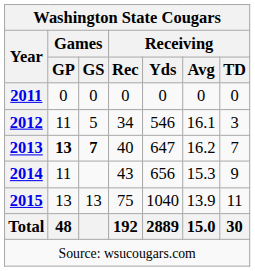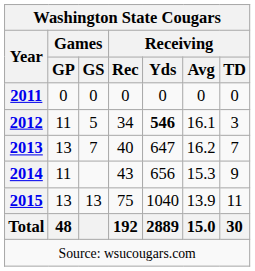 <table class="wikitable" style="text-align: center;">
 <tr>
 <th colspan="8"><strong>Washington State Cougars</strong></th>
 </tr>
 <tr>
 <th rowspan="2">Year</th>
 <th colspan="2">Games</th>
 <th colspan="5">Receiving</th>
 </tr>
 <tr>
 <th>GP</th>
 <th>GS</th>
 <th>Rec</th>
 <th>Yds</th>
 <th>Avg</th>
 <th>TD</th>
 </tr>
 <tr>
 <th><a href='#'>2011</a></th>
 <td>0</td>
 <td>0</td>
 <td>0</td>
 <td>0</td>
 <td>0</td>
 <td>0</td>
 </tr>
 <tr>
 <th><a href='#'>2012</a></th>
 <td>11</td>
 <td>5</td>
 <td>34</td>
-<td>546</td>
+<td><strong>546</strong></td>
 <td>16.1</td>
 <td>3</td>
 </tr>
 <tr>
 <th><a href='#'>2013</a></th>
-<td><strong>13</strong></td>
-<td><strong>7</strong></td>
+<td>13</td>
+<td>7</td>
 <td>40</td>
 <td>647</td>
 <td>16.2</td>
 <td>7</td>
 </tr>
 <tr>
 <th><a href='#'>2014</a></th>
 <td>11</td>
 <td></td>
 <td>43</td>
 <td>656</td>
 <td>15.3</td>
 <td>9</td>
 </tr>
 <tr>
 <th><a href='#'>2015</a></th>
 <td>13</td>
 <td>13</td>
 <td>75</td>
 <td>1040</td>
 <td>13.9</td>
 <td>11</td>
 </tr>
 <tr>
 <th>Total</th>
 <th>48</th>
 <th></th>
 <th>192</th>
 <th>2889</th>
 <th>15.0</th>
 <th>30</th>
 </tr>
 <tr>
 <td colspan="8"><small>Source: wsucougars.com</small></td>
 </tr>
 </table>
